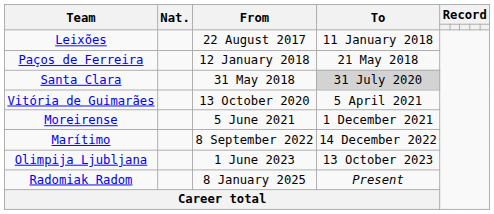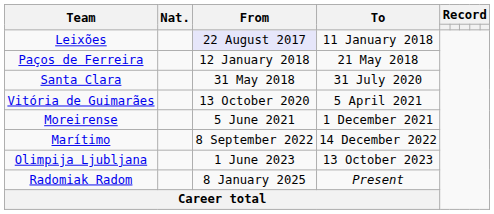 <table class="wikitable" style="text-align: center">
 <tr>
 <th rowspan=2>Team</th>
 <th rowspan=2>Nat.</th>
 <th rowspan=2>From</th>
 <th rowspan=2>To</th>
 <th colspan=8>Record</th>
 </tr>
 <tr>
 <th></th>
 <th></th>
 <th></th>
 <th></th>
 <th></th>
 </tr>
 <tr>
 <td><a href='#'>Leixões</a></td>
 <td></td>
-<td>22 August 2017</td>
+<td style="background: lavender;">22 August 2017</td>
 <td>11 January 2018<br></td>
 </tr>
 <tr>
 <td><a href='#'>Paços de Ferreira</a></td>
 <td></td>
 <td>12 January 2018</td>
 <td>21 May 2018<br></td>
 </tr>
 <tr>
 <td><a href='#'>Santa Clara</a></td>
 <td></td>
 <td>31 May 2018</td>
-<td style="background: lightgrey;">31 July 2020<br></td>
+<td>31 July 2020<br></td>
 </tr>
 <tr>
 <td><a href='#'>Vitória de Guimarães</a></td>
 <td></td>
 <td>13 October 2020</td>
 <td>5 April 2021<br></td>
 </tr>
 <tr>
 <td><a href='#'>Moreirense</a></td>
 <td></td>
 <td>5 June 2021</td>
 <td>1 December 2021<br></td>
 </tr>
 <tr>
 <td><a href='#'>Marítimo</a></td>
 <td></td>
 <td>8 September 2022</td>
 <td>14 December 2022<br></td>
 </tr>
 <tr>
 <td><a href='#'>Olimpija Ljubljana</a></td>
 <td></td>
 <td>1 June 2023</td>
 <td>13 October 2023<br></td>
 </tr>
 <tr>
 <td><a href='#'>Radomiak Radom</a></td>
 <td></td>
 <td>8 January 2025</td>
 <td><em>Present</em><br></td>
 </tr>
 <tr>
 <th colspan=4>Career total<br></th>
 </tr>
 </table>
